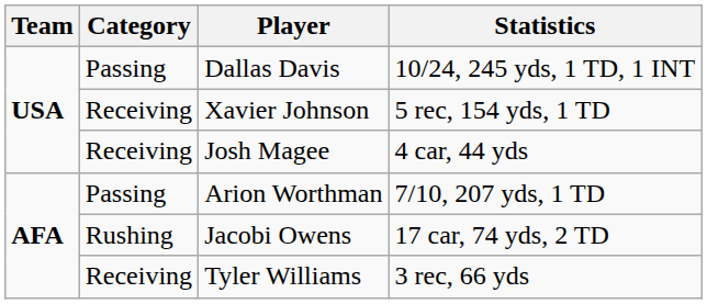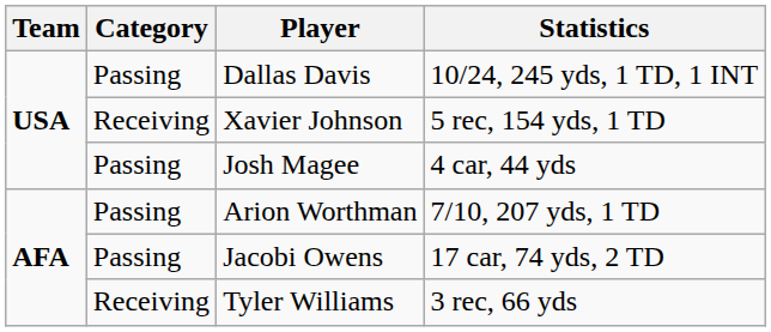 <table class="wikitable">
 <tr>
 <th>Team</th>
 <th>Category</th>
 <th>Player</th>
 <th>Statistics</th>
 </tr>
 <tr>
 <td rowspan=3 style="background:#"><strong>USA</strong></td>
 <td>Passing</td>
 <td>Dallas Davis</td>
 <td>10/24, 245 yds, 1 TD, 1 INT</td>
 </tr>
 <tr>
 <td>Receiving</td>
 <td>Xavier Johnson</td>
 <td>5 rec, 154 yds, 1 TD</td>
 </tr>
 <tr>
-<td>Receiving</td>
+<td>Passing</td>
 <td>Josh Magee</td>
 <td>4 car, 44 yds</td>
 </tr>
 <tr>
 <td rowspan=3 style="background:#"><strong>AFA</strong></td>
 <td>Passing</td>
 <td>Arion Worthman</td>
 <td>7/10, 207 yds, 1 TD</td>
 </tr>
 <tr>
-<td>Rushing</td>
+<td>Passing</td>
 <td>Jacobi Owens</td>
 <td>17 car, 74 yds, 2 TD</td>
 </tr>
 <tr>
 <td>Receiving</td>
 <td>Tyler Williams</td>
 <td>3 rec, 66 yds</td>
 </tr>
 </table>
